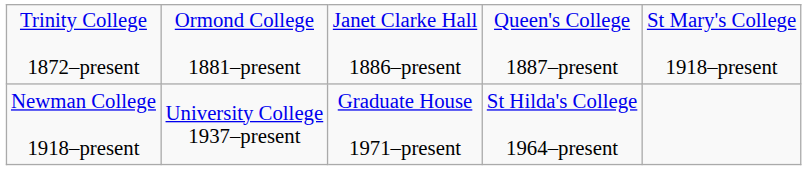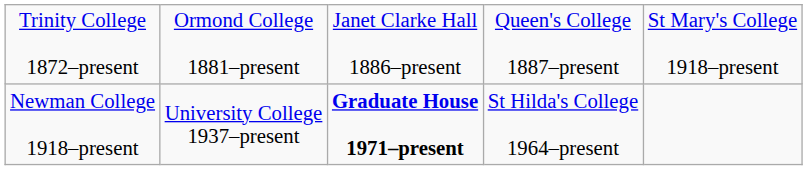 <table class="wikitable" style="margin:1em auto 1em auto; text-align:center;">
 <tr>
 <td><a href='#'>Trinity College</a><br><br>1872–present</td>
 <td><a href='#'>Ormond College</a><br><br>1881–present</td>
 <td><a href='#'>Janet Clarke Hall</a><br><br>1886–present</td>
 <td><a href='#'>Queen's College</a><br><br>1887–present</td>
 <td><a href='#'>St Mary's College</a><br><br>1918–present</td>
 </tr>
 <tr>
 <td><a href='#'>Newman College</a><br><br>1918–present</td>
 <td><a href='#'>University College</a><br>1937–present</td>
-<td><a href='#'>Graduate House</a><br><br>1971–present</td>
+<td><strong><a href='#'>Graduate House</a><br><br>1971–present</strong></td>
 <td><a href='#'>St Hilda's College</a><br><br>1964–present</td>
 </tr>
 </table>
